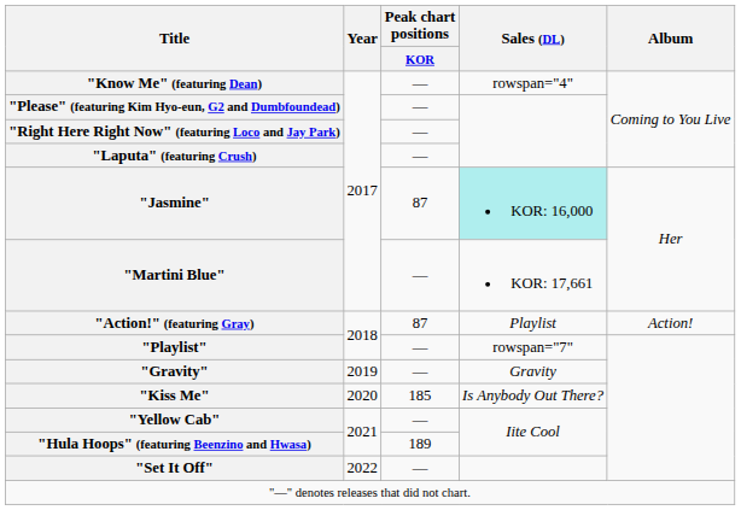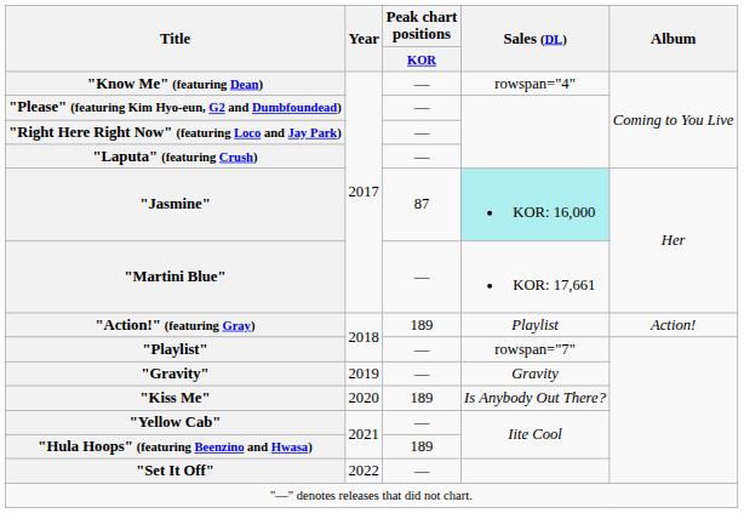 <table class="wikitable plainrowheaders" style="text-align:center;">
 <tr>
 <th scope="col" rowspan="2">Title</th>
 <th scope="col" rowspan="2">Year</th>
 <th scope="col" colspan="1">Peak chart <br> positions</th>
 <th scope="col" rowspan="2">Sales <small>(<a href='#'>DL</a>)</small></th>
 <th scope="col" rowspan="2">Album</th>
 </tr>
 <tr>
 <th><small><a href='#'>KOR</a></small><br></th>
 </tr>
 <tr>
 <th scope="row">"Know Me" <small>(featuring <a href='#'>Dean</a>)</small></th>
 <td rowspan="6">2017</td>
 <td>—</td>
 <td>rowspan="4" </td>
 <td rowspan="4"><em>Coming to You Live</em></td>
 </tr>
 <tr>
 <th scope="row">"Please" <small>(featuring Kim Hyo-eun, <a href='#'>G2</a> and <a href='#'>Dumbfoundead</a>)</small></th>
 <td>—</td>
 </tr>
 <tr>
 <th scope="row">"Right Here Right Now" <small>(featuring <a href='#'>Loco</a> and <a href='#'>Jay Park</a>)</small></th>
 <td>—</td>
 </tr>
 <tr>
 <th scope="row">"Laputa" <small>(featuring <a href='#'>Crush</a>)</small></th>
 <td>—</td>
 </tr>
 <tr>
 <th scope="row">"Jasmine"</th>
 <td>87</td>
 <td style="background: paleturquoise;"><br><ul><li>KOR: 16,000</li></ul></td>
 <td rowspan="2"><em>Her</em></td>
 </tr>
 <tr>
 <th scope="row">"Martini Blue"</th>
 <td>—</td>
 <td><br><ul><li>KOR: 17,661</li></ul></td>
 </tr>
 <tr>
 <th scope="row">"Action!" <small>(featuring <a href='#'>Gray</a>)</small></th>
 <td rowspan="2">2018</td>
-<td>87</td>
+<td>189</td>
 <td><em>Playlist</em></td>
 <td><em>Action!</em></td>
 </tr>
 <tr>
 <th scope="row">"Playlist"</th>
 <td>—</td>
 <td>rowspan="7" </td>
 </tr>
 <tr>
 <th scope="row">"Gravity"</th>
 <td>2019</td>
 <td>—</td>
 <td><em>Gravity</em></td>
 </tr>
 <tr>
 <th scope="row">"Kiss Me"</th>
 <td>2020</td>
-<td>185</td>
+<td>189</td>
 <td><em>Is Anybody Out There?</em></td>
 </tr>
 <tr>
 <th scope="row">"Yellow Cab"</th>
 <td rowspan="2">2021</td>
 <td>—</td>
 <td rowspan="2"><em>Iite Cool</em></td>
 </tr>
 <tr>
 <th scope="row">"Hula Hoops" <small>(featuring <a href='#'>Beenzino</a> and <a href='#'>Hwasa</a>)</small></th>
 <td>189</td>
 </tr>
 <tr>
 <th scope="row">"Set It Off" </th>
 <td>2022</td>
 <td>—</td>
 <td></td>
 </tr>
 <tr>
 <td colspan="5" align="center"><small>"—" denotes releases that did not chart.</small></td>
 </tr>
 </table>
